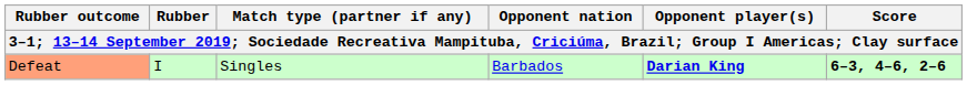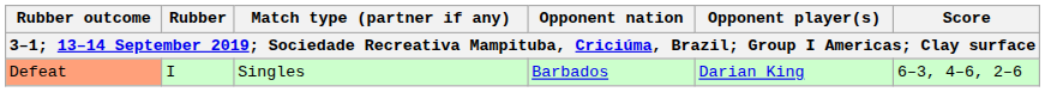 <table class="wikitable" style=font-size:90%>
 <tr>
 <th>Rubber outcome</th>
 <th>Rubber</th>
 <th>Match type (partner if any)</th>
 <th>Opponent nation</th>
 <th>Opponent player(s)</th>
 <th>Score</th>
 </tr>
 <tr>
 <th colspan="6"><small></small>3–1; <a href='#'>13–14 September 2019</a>; Sociedade Recreativa Mampituba, <a href='#'>Criciúma</a>, Brazil; Group I Americas; Clay surface</th>
 </tr>
 <tr style="background:#cfc;">
 <td bgcolor="ffa07a">Defeat</td>
 <td>I</td>
 <td>Singles</td>
 <td> <a href='#'>Barbados</a></td>
-<td><strong><a href='#'>Darian King</a></strong></td>
-<td><strong>6–3, 4–6, 2–6</strong></td>
+<td><a href='#'>Darian King</a></td>
+<td>6–3, 4–6, 2–6</td>
 </tr>
 </table>
